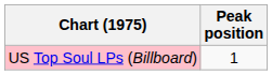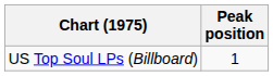 <table class="wikitable">
 <tr>
 <th>Chart (1975)</th>
 <th>Peak<br>position</th>
 </tr>
 <tr>
-<td style="background: pink;">US <a href='#'>Top Soul LPs</a> (<em>Billboard</em>)</td>
+<td>US <a href='#'>Top Soul LPs</a> (<em>Billboard</em>)</td>
 <td rowspan="2" style="text-align:center;">1</td>
 </tr>
 </table>
